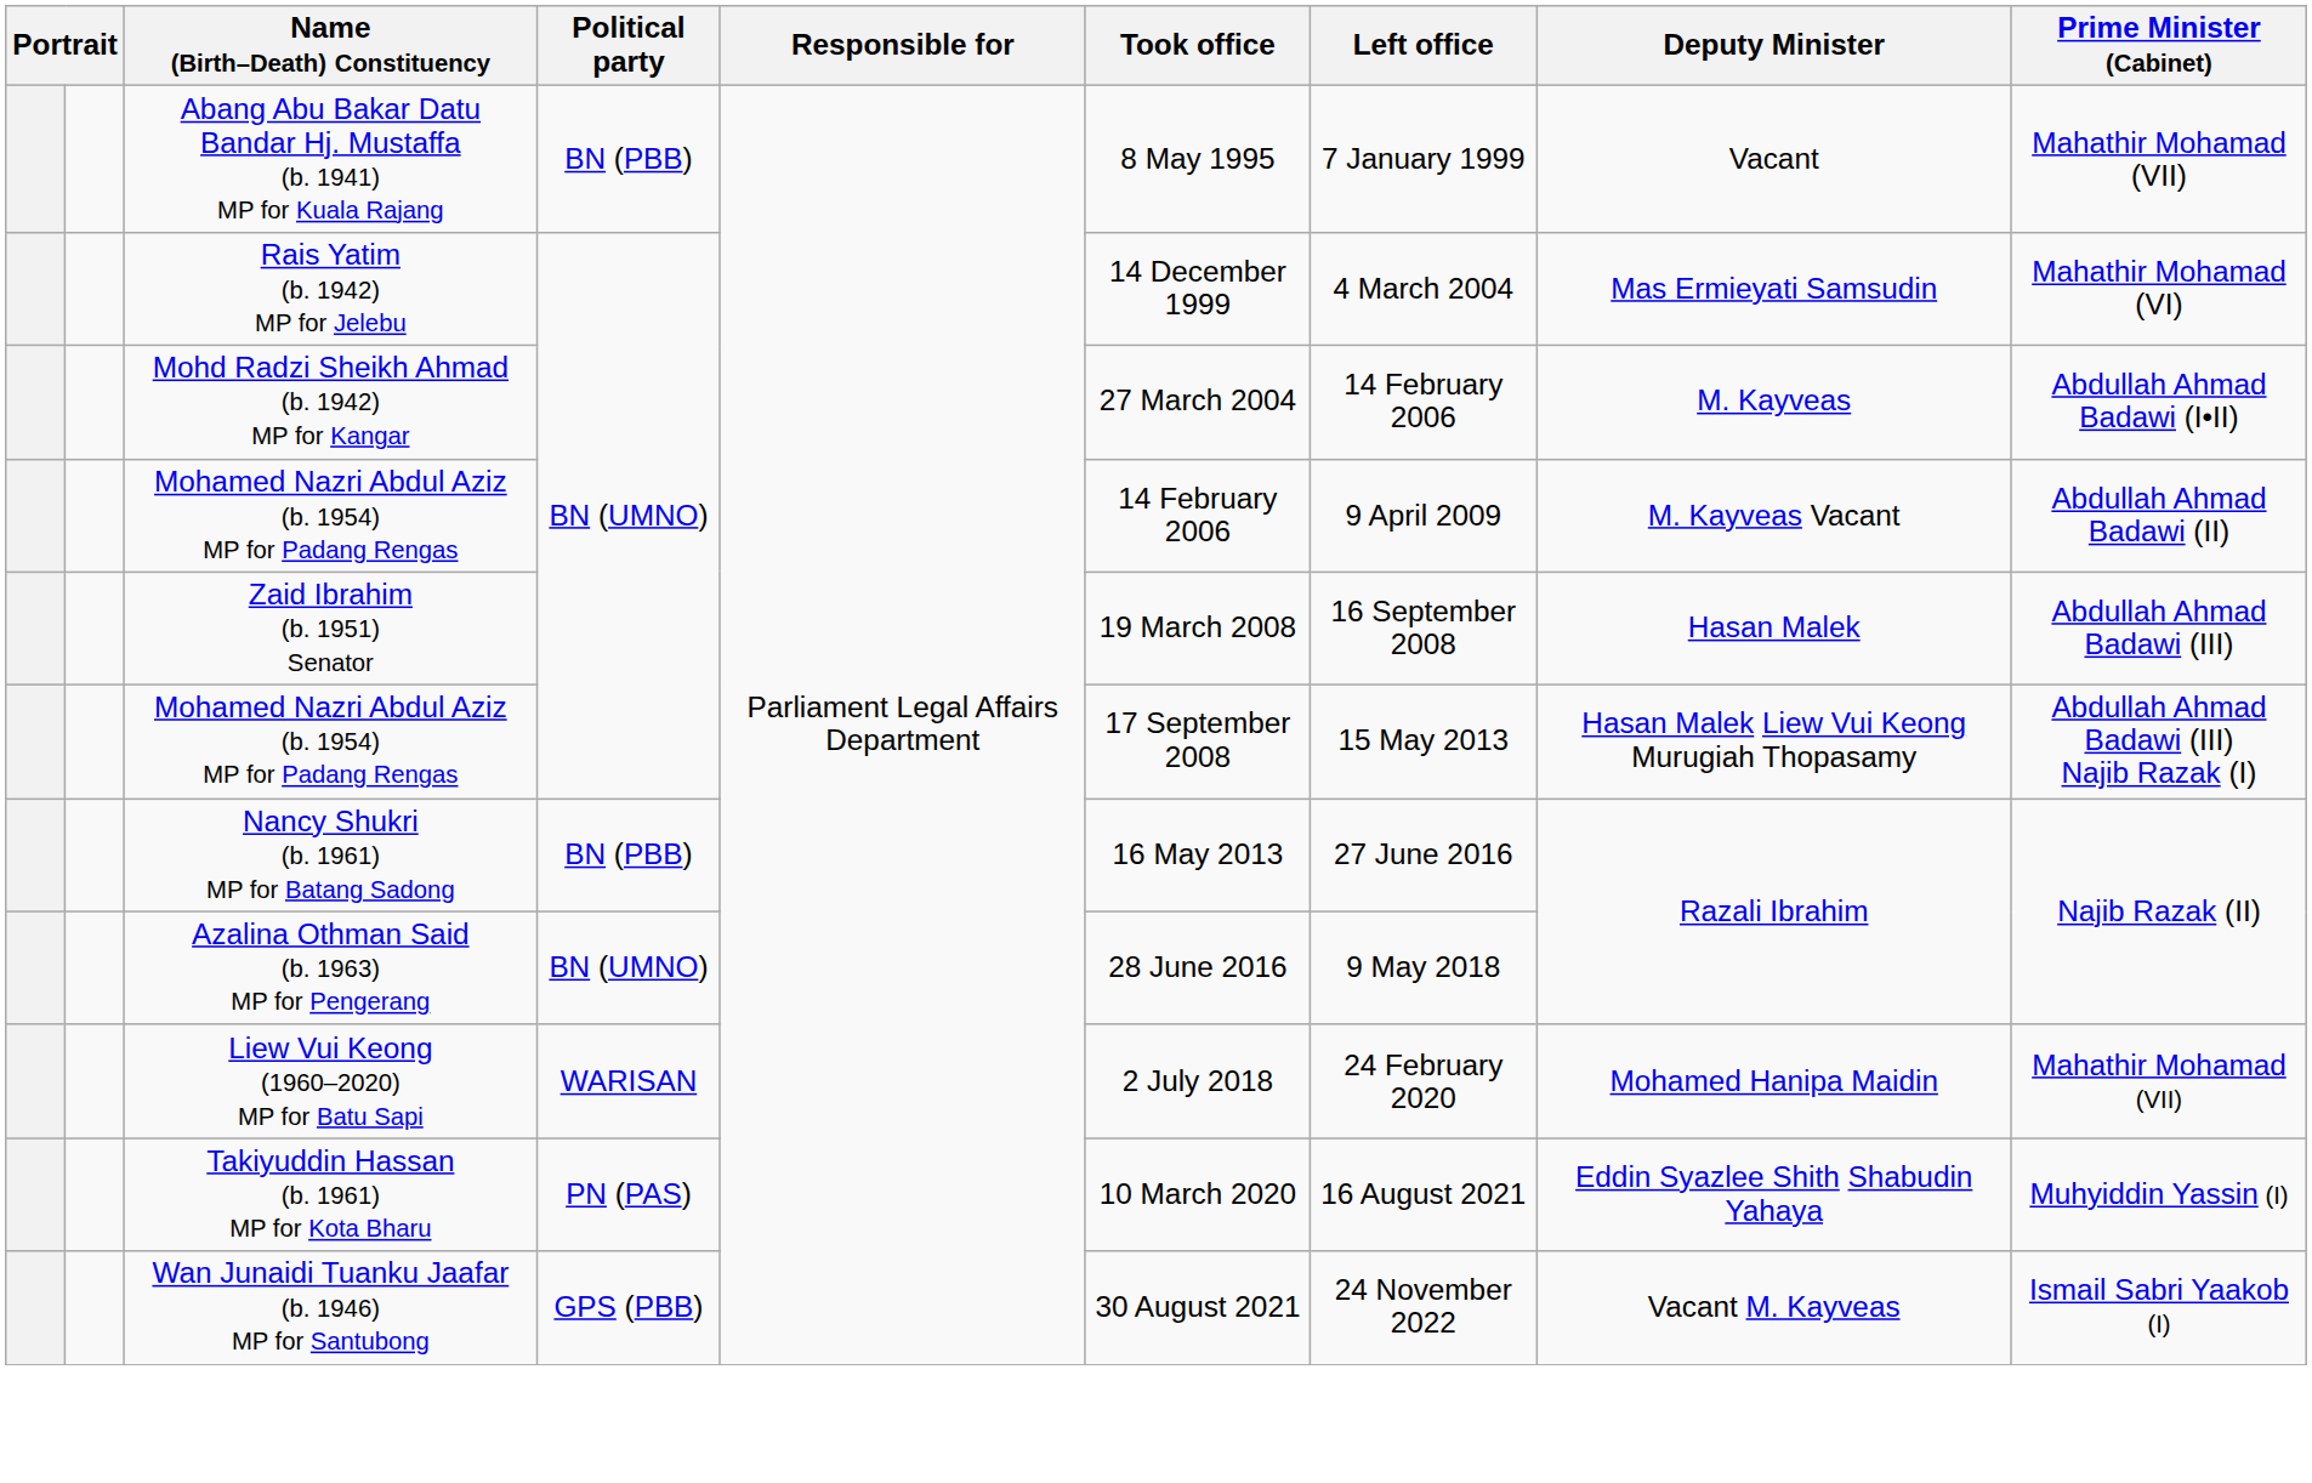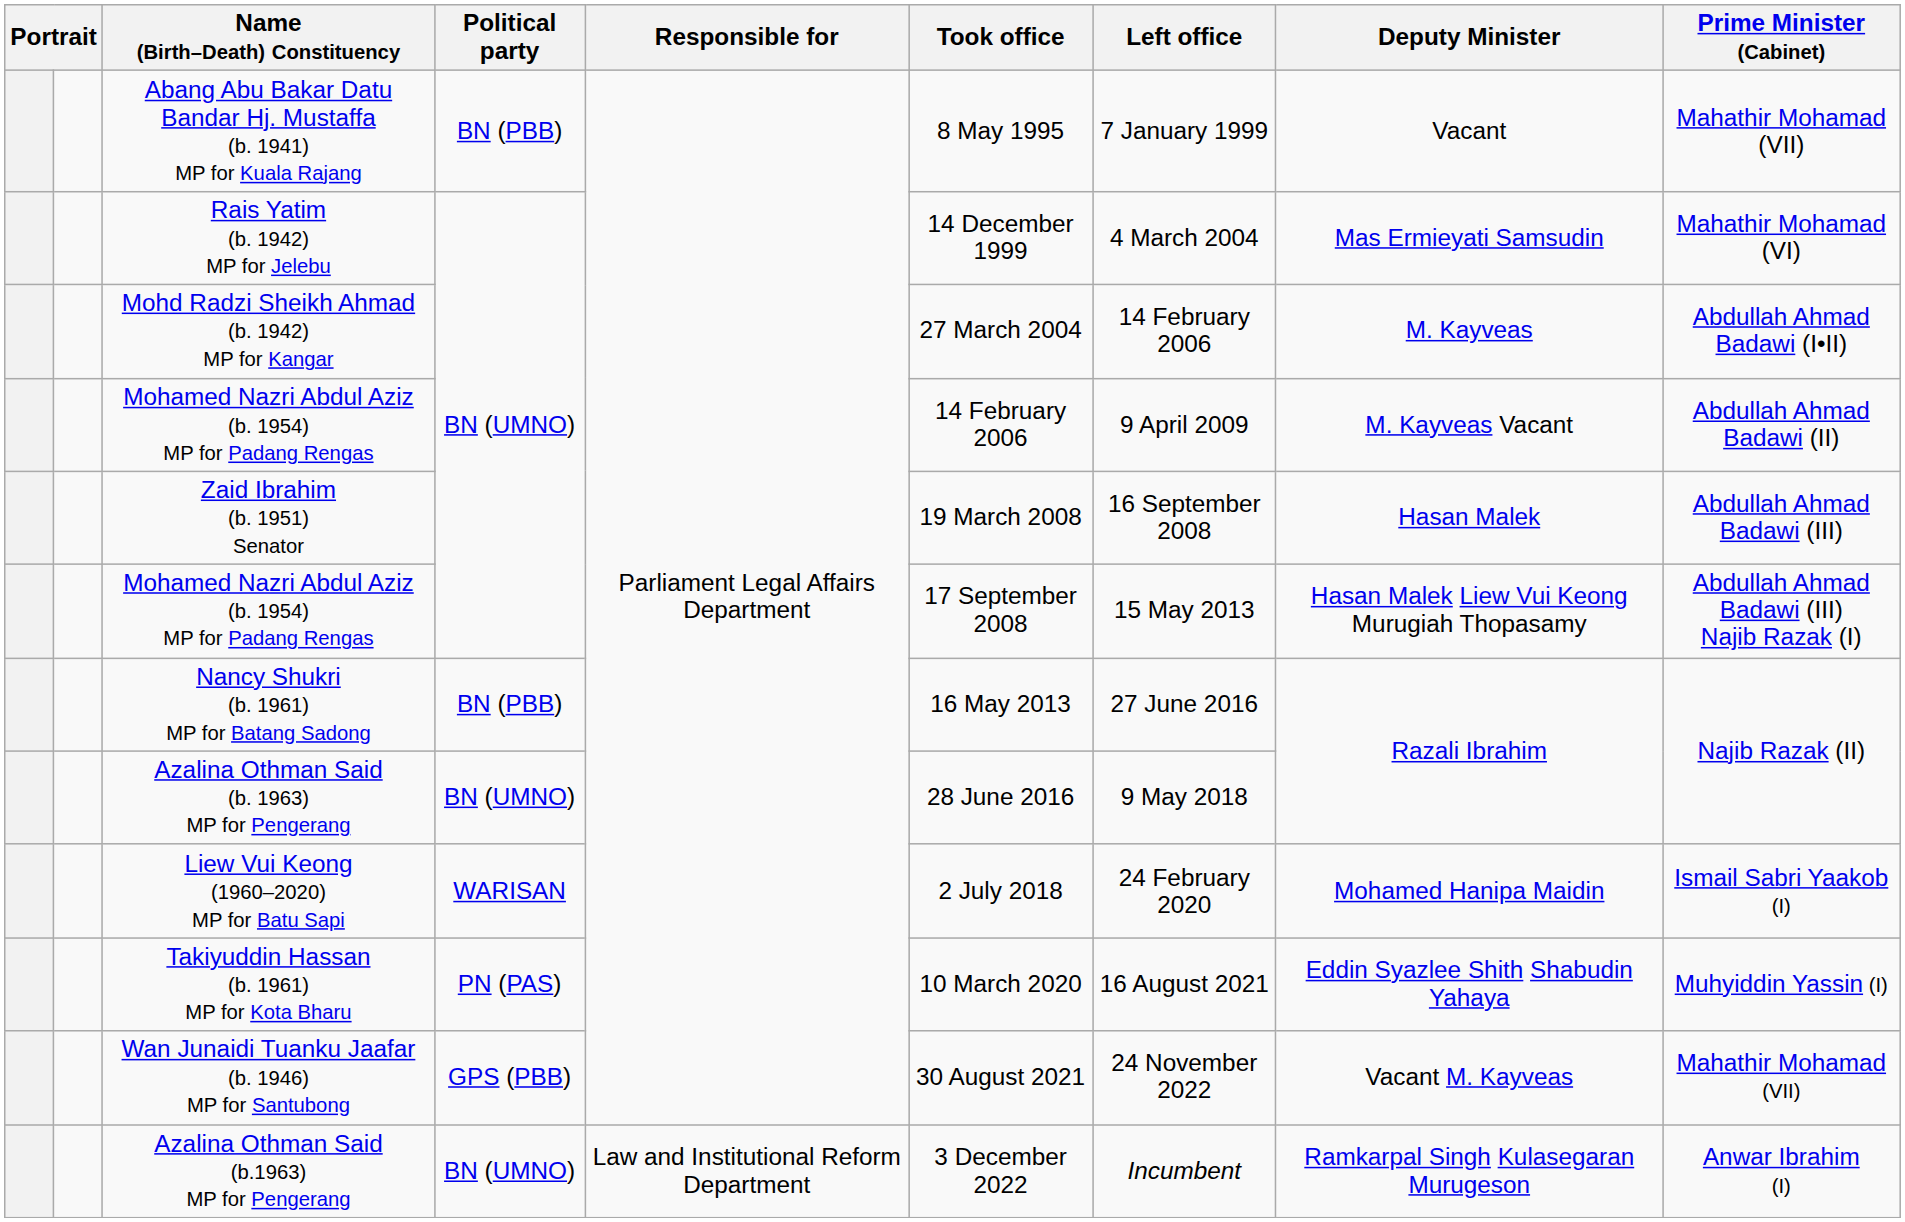 <table class="wikitable" style="text-align:center;">
 <tr>
 <th colspan="2">Portrait</th>
 <th>Name<br><small>(Birth–Death)</small> <small>Constituency</small></th>
 <th>Political party</th>
 <th>Responsible for</th>
 <th>Took office</th>
 <th>Left office</th>
 <th>Deputy Minister</th>
 <th><a href='#'>Prime Minister</a><small> (Cabinet)</small></th>
 </tr>
 <tr>
 <th style="background:"></th>
 <td></td>
 <td><a href='#'>Abang Abu Bakar Datu Bandar Hj. Mustaffa</a><br><small> (b. 1941)<br> MP for <a href='#'>Kuala Rajang</a></small></td>
 <td><a href='#'>BN</a> (<a href='#'>PBB</a>)</td>
 <td rowspan=11>Parliament Legal Affairs Department</td>
 <td>8 May 1995</td>
 <td>7 January 1999</td>
 <td>Vacant</td>
 <td><a href='#'>Mahathir Mohamad</a> (VII)</td>
 </tr>
 <tr>
 <th style="background:"></th>
 <td></td>
 <td><a href='#'>Rais Yatim</a> <br><small> (b. 1942) <br>MP for <a href='#'>Jelebu</a></small></td>
 <td rowspan="5"><a href='#'>BN</a> (<a href='#'>UMNO</a>)</td>
 <td>14 December 1999</td>
 <td>4 March 2004</td>
 <td><a href='#'>Mas Ermieyati Samsudin</a></td>
 <td><a href='#'>Mahathir Mohamad</a> (VI)</td>
 </tr>
 <tr>
 <th style="background:"></th>
 <td></td>
 <td><a href='#'>Mohd Radzi Sheikh Ahmad</a> <br><small> (b. 1942) <br>MP for <a href='#'>Kangar</a></small></td>
 <td>27 March 2004</td>
 <td>14 February 2006</td>
 <td><a href='#'>M. Kayveas</a></td>
 <td><a href='#'>Abdullah Ahmad Badawi</a> (I•II)</td>
 </tr>
 <tr>
 <th style="background:"></th>
 <td></td>
 <td><a href='#'>Mohamed Nazri Abdul Aziz</a> <br><small> (b. 1954) <br> MP for <a href='#'>Padang Rengas</a></small></td>
 <td>14 February 2006</td>
 <td>9 April 2009</td>
 <td><a href='#'>M. Kayveas</a>  Vacant </td>
 <td><a href='#'>Abdullah Ahmad Badawi</a> (II)</td>
 </tr>
 <tr>
 <th style="background:"></th>
 <td></td>
 <td><a href='#'>Zaid Ibrahim</a> <br><small> (b. 1951) <br> Senator</small></td>
 <td>19 March 2008</td>
 <td>16 September 2008</td>
 <td><a href='#'>Hasan Malek</a></td>
 <td><a href='#'>Abdullah Ahmad Badawi</a> (III)</td>
 </tr>
 <tr>
 <th style="background:"></th>
 <td></td>
 <td><a href='#'>Mohamed Nazri Abdul Aziz</a> <br><small> (b. 1954)  <br> MP for <a href='#'>Padang Rengas</a></small></td>
 <td>17 September 2008</td>
 <td>15 May 2013</td>
 <td><a href='#'>Hasan Malek</a>  <a href='#'>Liew Vui Keong</a>  Murugiah Thopasamy </td>
 <td><a href='#'>Abdullah Ahmad Badawi</a> (III) <br> <a href='#'>Najib Razak</a> (I)</td>
 </tr>
 <tr>
 <th style="background:"></th>
 <td></td>
 <td><a href='#'>Nancy Shukri</a> <br><small> (b. 1961) <br> MP for <a href='#'>Batang Sadong</a></small></td>
 <td><a href='#'>BN</a> (<a href='#'>PBB</a>)</td>
 <td>16 May 2013</td>
 <td>27 June 2016</td>
 <td rowspan="2"><a href='#'>Razali Ibrahim</a></td>
 <td rowspan="2"><a href='#'>Najib Razak</a> (II)</td>
 </tr>
 <tr>
 <th style="background:"></th>
 <td></td>
 <td><a href='#'>Azalina Othman Said</a> <br><small>(b. 1963) <br> MP for <a href='#'>Pengerang</a></small></td>
 <td><a href='#'>BN</a> (<a href='#'>UMNO</a>)</td>
 <td>28 June 2016</td>
 <td>9 May 2018</td>
 </tr>
 <tr>
 <th style="background:"></th>
 <td></td>
 <td><a href='#'>Liew Vui Keong</a><br><small>(1960–2020)<br></small><small>MP for <a href='#'>Batu Sapi</a></small></td>
 <td><a href='#'>WARISAN</a></td>
 <td>2 July 2018</td>
 <td>24 February 2020</td>
 <td><a href='#'>Mohamed Hanipa Maidin</a></td>
-<td><a href='#'>Mahathir Mohamad</a><small> (VII)</small></td>
+<td><a href='#'>Ismail Sabri Yaakob</a><br><small>(I)</small></td>
 </tr>
 <tr>
 <th style="background:"></th>
 <td></td>
 <td><a href='#'>Takiyuddin Hassan</a><br><small>(b. 1961)<br>MP for <a href='#'>Kota Bharu</a></small></td>
 <td><a href='#'>PN</a> (<a href='#'>PAS</a>)</td>
 <td>10 March 2020</td>
 <td>16 August 2021</td>
 <td><a href='#'>Eddin Syazlee Shith</a>  <a href='#'>Shabudin Yahaya</a></td>
 <td><a href='#'>Muhyiddin Yassin</a><small> (I)</small></td>
 </tr>
 <tr>
 <th style="background:"></th>
 <td></td>
 <td><a href='#'>Wan Junaidi Tuanku Jaafar</a><br><small>(b. 1946)<br>MP for <a href='#'>Santubong</a></small></td>
 <td><a href='#'>GPS</a> (<a href='#'>PBB</a>)</td>
 <td>30 August 2021</td>
 <td>24 November 2022</td>
 <td>Vacant  <a href='#'>M. Kayveas</a> </td>
-<td><a href='#'>Ismail Sabri Yaakob</a><br><small>(I)</small></td>
+<td><a href='#'>Mahathir Mohamad</a><small> (VII)</small></td>
+</tr>
+<tr>
+<th style="background:"></th>
+<td></td>
+<td><a href='#'>Azalina Othman Said</a><br><small>(b.1963)<br>MP for <a href='#'>Pengerang</a></small></td>
+<td><a href='#'>BN</a>  (<a href='#'>UMNO</a>)</td>
+<td>Law and Institutional Reform Department</td>
+<td>3 December 2022</td>
+<td><em>Incumbent</em></td>
+<td><a href='#'>Ramkarpal Singh</a>  <a href='#'>Kulasegaran Murugeson</a> </td>
+<td><a href='#'>Anwar Ibrahim</a><br><small>(I)</small></td>
 </tr>
 <tr>
 </tr>
 </table>
